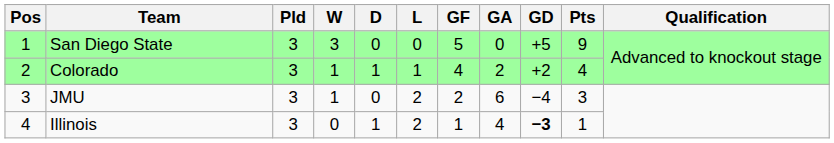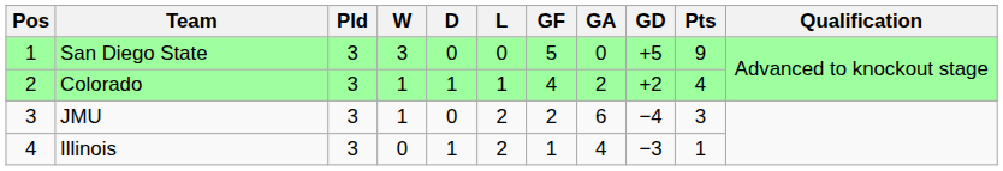 <table class="wikitable" style="text-align:center; margin: 1em auto">
 <tr>
 <th style="width:2em">Pos</th>
 <th style="width:13em">Team</th>
 <th style="width:2em">Pld</th>
 <th style="width:2em">W</th>
 <th style="width:2em">D</th>
 <th style="width:2em">L</th>
 <th style="width:2em">GF</th>
 <th style="width:2em">GA</th>
 <th style="width:2em">GD</th>
 <th style="width:2em">Pts</th>
 <th style="width:13em">Qualification</th>
 </tr>
 <tr bgcolor="#9eff9e">
 <td>1</td>
 <td style="text-align:left">San Diego State</td>
 <td>3</td>
 <td>3</td>
 <td>0</td>
 <td>0</td>
 <td>5</td>
 <td>0</td>
 <td>+5</td>
 <td>9</td>
 <td rowspan="2">Advanced to knockout stage</td>
 </tr>
 <tr bgcolor="#9eff9e">
 <td>2</td>
 <td style="text-align:left">Colorado</td>
 <td>3</td>
 <td>1</td>
 <td>1</td>
 <td>1</td>
 <td>4</td>
 <td>2</td>
 <td>+2</td>
 <td>4</td>
 </tr>
 <tr>
 <td>3</td>
 <td style="text-align:left">JMU</td>
 <td>3</td>
 <td>1</td>
 <td>0</td>
 <td>2</td>
 <td>2</td>
 <td>6</td>
 <td>−4</td>
 <td>3</td>
 </tr>
 <tr>
 <td>4</td>
 <td style="text-align:left">Illinois</td>
 <td>3</td>
 <td>0</td>
 <td>1</td>
 <td>2</td>
 <td>1</td>
 <td>4</td>
-<td><strong>−3</strong></td>
+<td>−3</td>
 <td>1</td>
 </tr>
 </table>
